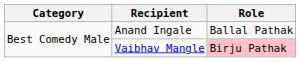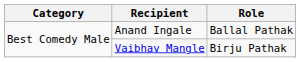 <table class="wikitable">
 <tr>
 <th>Category</th>
 <th>Recipient</th>
 <th>Role</th>
 </tr>
 <tr>
 <td rowspan="2">Best Comedy Male</td>
 <td>Anand Ingale</td>
 <td>Ballal Pathak</td>
 </tr>
 <tr>
 <td><a href='#'>Vaibhav Mangle</a></td>
-<td style="background: pink;">Birju Pathak</td>
+<td>Birju Pathak</td>
 </tr>
 </table>
